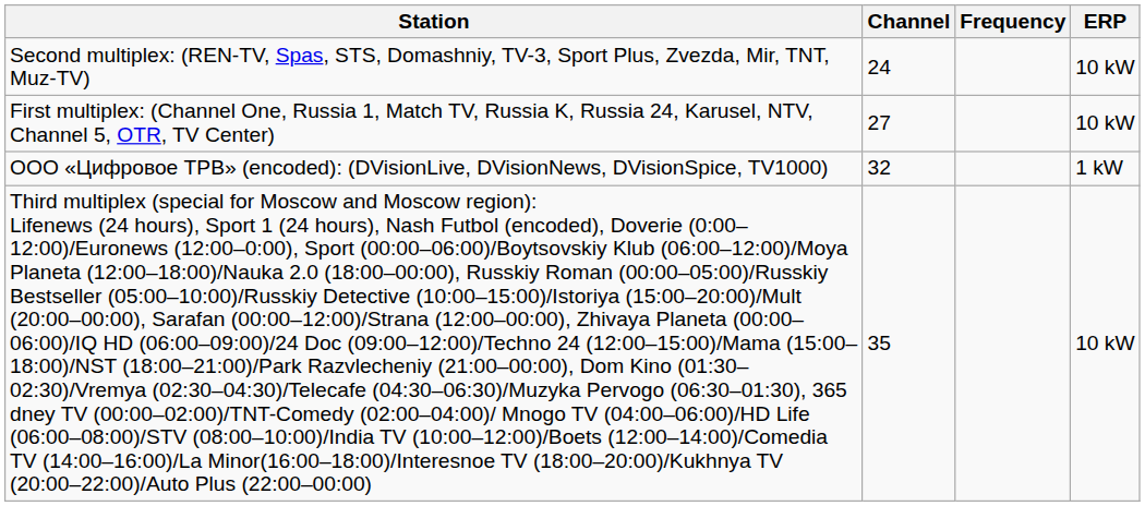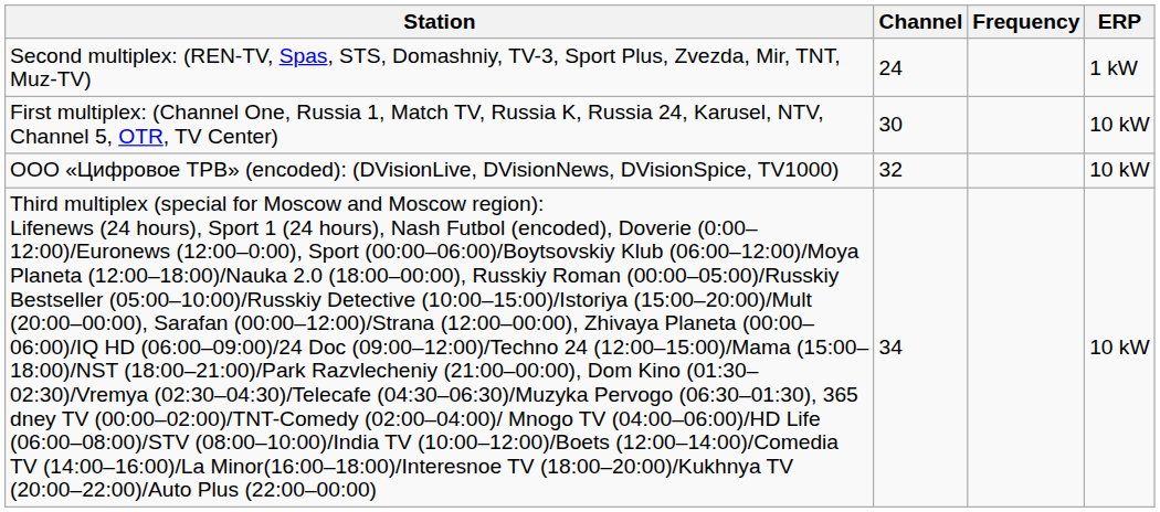 <table class="wikitable">
 <tr>
 <th>Station</th>
 <th>Channel</th>
 <th>Frequency</th>
 <th>ERP</th>
 </tr>
 <tr>
 <td>Second multiplex: (REN-TV, <a href='#'>Spas</a>, STS, Domashniy, TV-3, Sport Plus, Zvezda, Mir, TNT, Muz-TV)</td>
 <td>24</td>
 <td></td>
-<td>10 kW</td>
+<td>1 kW</td>
 </tr>
 <tr>
 <td>First multiplex: (Channel One, Russia 1, Match TV, Russia K, Russia 24, Karusel, NTV, Channel 5, <a href='#'>OTR</a>, TV Center)</td>
-<td>27</td>
+<td>30</td>
 <td></td>
 <td>10 kW</td>
 </tr>
 <tr>
 <td>ООО «Цифровое ТРВ» (encoded): (DVisionLive, DVisionNews, DVisionSpice, TV1000)</td>
 <td>32</td>
 <td></td>
-<td>1 kW</td>
+<td>10 kW</td>
 </tr>
 <tr>
 <td>Third multiplex (special for Moscow and Moscow region):<br>Lifenews (24 hours), Sport 1 (24 hours), Nash Futbol (encoded), Doverie (0:00–12:00)/Euronews (12:00–0:00), Sport (00:00–06:00)/Boytsovskiy Klub (06:00–12:00)/Moya Planeta (12:00–18:00)/Nauka 2.0 (18:00–00:00), Russkiy Roman (00:00–05:00)/Russkiy Bestseller (05:00–10:00)/Russkiy Detective (10:00–15:00)/Istoriya (15:00–20:00)/Mult (20:00–00:00), Sarafan (00:00–12:00)/Strana (12:00–00:00), Zhivaya Planeta (00:00–06:00)/IQ HD (06:00–09:00)/24 Doc (09:00–12:00)/Techno 24 (12:00–15:00)/Mama (15:00–18:00)/NST (18:00–21:00)/Park Razvlecheniy (21:00–00:00), Dom Kino (01:30–02:30)/Vremya (02:30–04:30)/Telecafe (04:30–06:30)/Muzyka Pervogo (06:30–01:30), 365 dney TV (00:00–02:00)/TNT-Comedy (02:00–04:00)/ Mnogo TV (04:00–06:00)/HD Life (06:00–08:00)/STV (08:00–10:00)/India TV (10:00–12:00)/Boets (12:00–14:00)/Comedia TV (14:00–16:00)/La Minor(16:00–18:00)/Interesnoe TV (18:00–20:00)/Kukhnya TV (20:00–22:00)/Auto Plus (22:00–00:00)</td>
-<td>35</td>
+<td>34</td>
 <td></td>
 <td>10 kW</td>
 </tr>
 </table>
